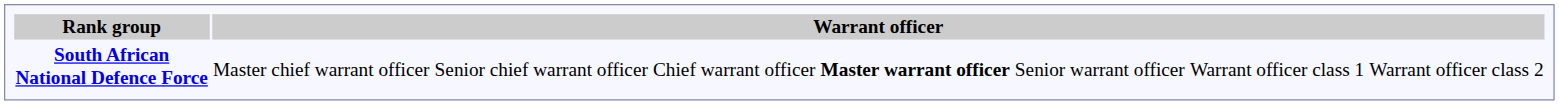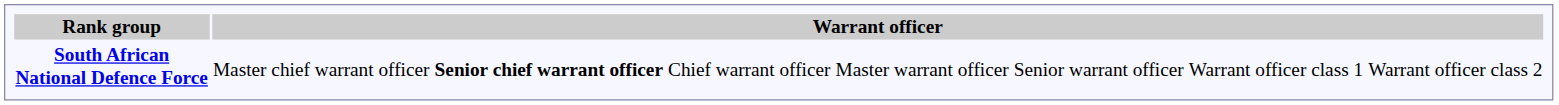 <table style="border:1px solid #8888aa; background-color:#f7f8ff; padding:5px; font-size:95%; margin: 0px 12px 12px 0px;">
 <tr style="background:#ccc;">
 <th>Rank group</th>
 <th colspan=7>Warrant officer</th>
 </tr>
 <tr style="text-align:center;">
 <td rowspan=2> <strong><a href='#'>South African<br>National Defence Force</a></strong></td>
 <td></td>
 <td></td>
 <td></td>
 <td></td>
 <td></td>
 <td></td>
 <td></td>
 </tr>
 <tr style="text-align:center;">
 <td>Master chief warrant officer</td>
-<td>Senior chief warrant officer</td>
+<td><strong>Senior chief warrant officer</strong></td>
 <td>Chief warrant officer</td>
-<td><strong>Master warrant officer</strong></td>
+<td>Master warrant officer</td>
 <td>Senior warrant officer</td>
 <td>Warrant officer class 1</td>
 <td>Warrant officer class 2</td>
 </tr>
 </table>
